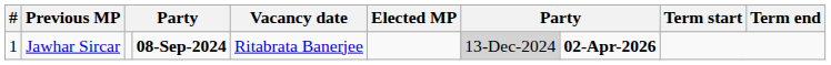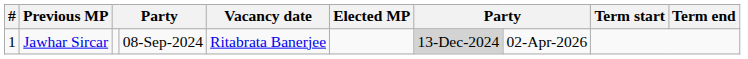 <table class="wikitable" style="text-align:center;">
 <tr>
 <th>#</th>
 <th>Previous MP</th>
 <th colspan="2">Party</th>
 <th>Vacancy date</th>
 <th>Elected MP</th>
 <th colspan="2">Party</th>
 <th>Term start</th>
 <th>Term end</th>
 </tr>
 <tr>
 <td>1</td>
 <td><a href='#'>Jawhar Sircar</a></td>
 <td></td>
-<td><strong>08-Sep-2024</strong></td>
+<td>08-Sep-2024</td>
 <td><a href='#'>Ritabrata Banerjee</a></td>
 <td></td>
 <td style="background: lightgrey;">13-Dec-2024</td>
-<td><strong>02-Apr-2026</strong></td>
+<td>02-Apr-2026</td>
 </tr>
 </table>
